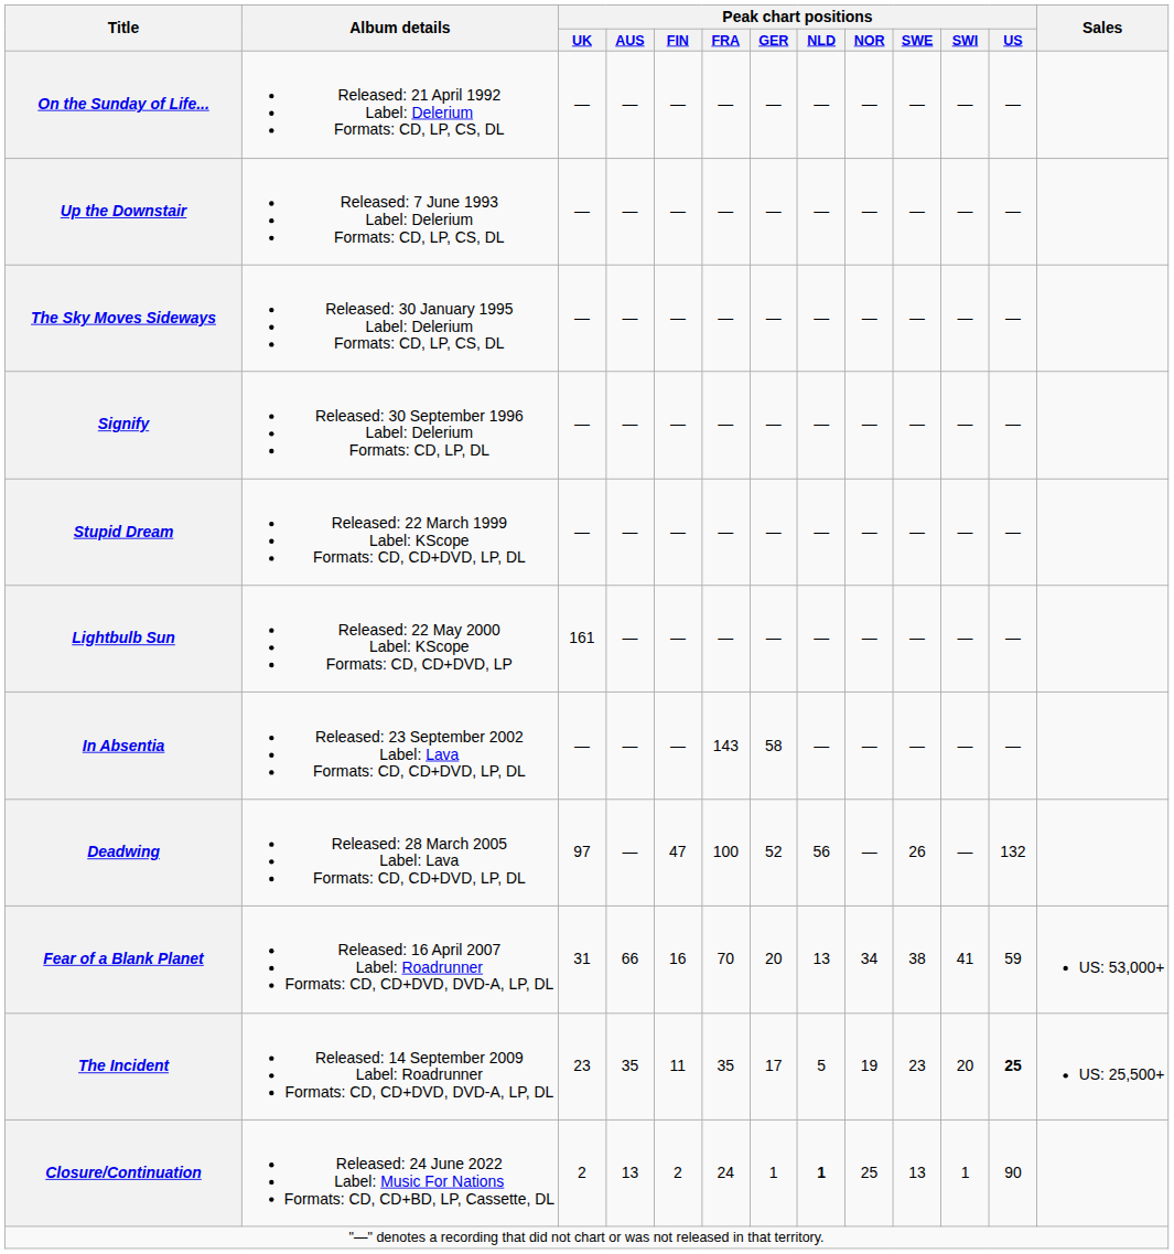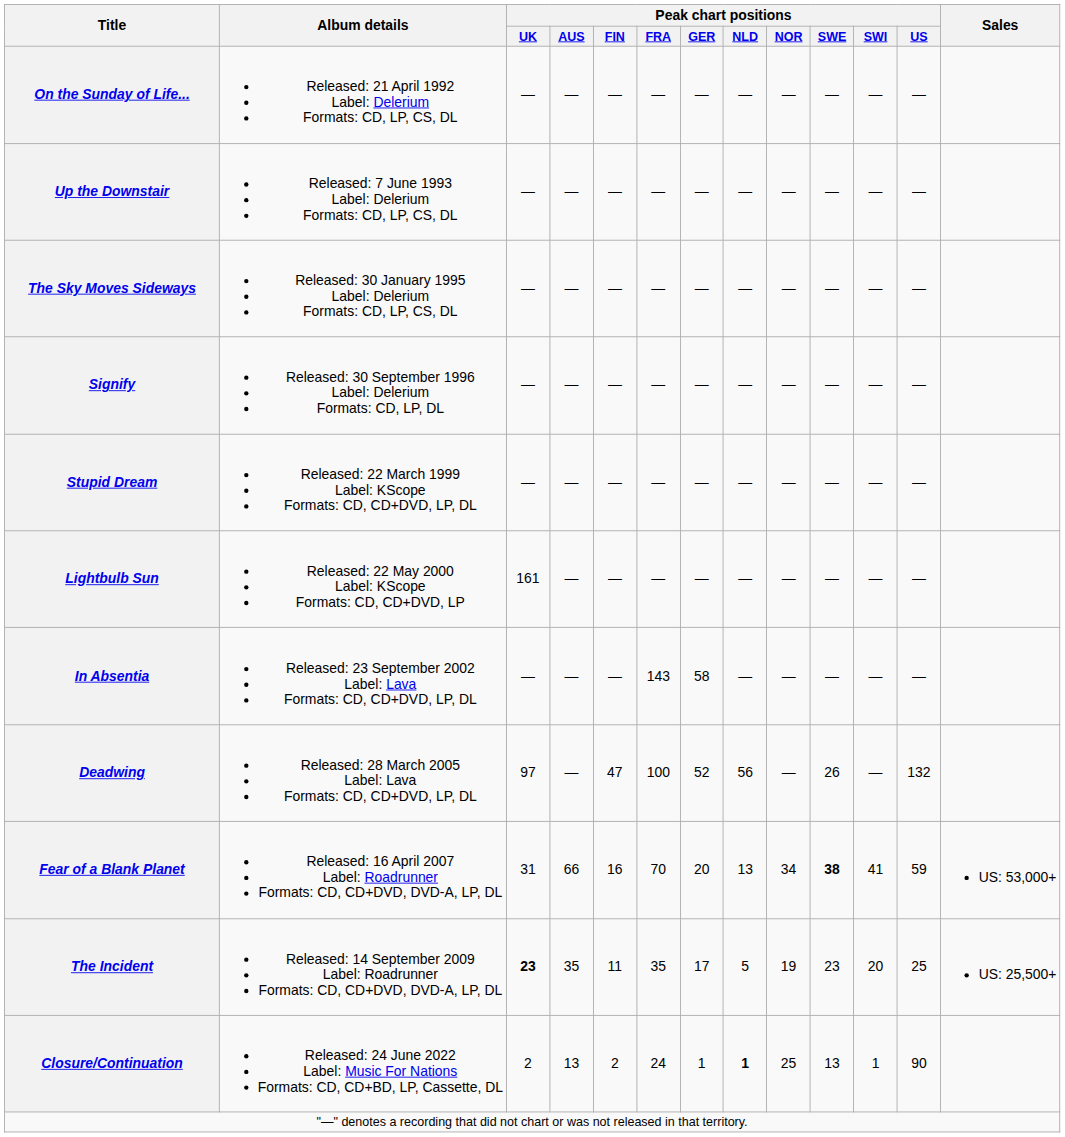 <table class="wikitable plainrowheaders" style="text-align:center;">
 <tr>
 <th scope="col" rowspan="2" style="width:15em;">Title</th>
 <th scope="col" rowspan="2">Album details</th>
 <th scope="col" colspan="10">Peak chart positions</th>
 <th scope="col" rowspan="2">Sales</th>
 </tr>
 <tr>
 <th scope="col" style="width:3em;font-size:90%;"><a href='#'>UK</a><br></th>
 <th scope="col" style="width:3em;font-size:90%;"><a href='#'>AUS</a><br></th>
 <th scope="col" style="width:3em;font-size:90%;"><a href='#'>FIN</a><br></th>
 <th scope="col" style="width:3em;font-size:90%;"><a href='#'>FRA</a><br></th>
 <th scope="col" style="width:3em;font-size:90%;"><a href='#'>GER</a><br></th>
 <th scope="col" style="width:3em;font-size:90%;"><a href='#'>NLD</a><br></th>
 <th scope="col" style="width:3em;font-size:90%;"><a href='#'>NOR</a><br></th>
 <th scope="col" style="width:3em;font-size:90%;"><a href='#'>SWE</a><br></th>
 <th scope="col" style="width:3em;font-size:90%;"><a href='#'>SWI</a><br></th>
 <th scope="col" style="width:3em;font-size:90%;"><a href='#'>US</a><br></th>
 </tr>
 <tr>
 <th scope="row"><em><a href='#'>On the Sunday of Life...</a></em></th>
 <td><br><ul><li>Released: 21 April 1992</li><li>Label: <a href='#'>Delerium</a></li><li>Formats: CD, LP, CS, DL</li></ul></td>
 <td>—</td>
 <td>—</td>
 <td>—</td>
 <td>—</td>
 <td>—</td>
 <td>—</td>
 <td>—</td>
 <td>—</td>
 <td>—</td>
 <td>—</td>
 <td></td>
 </tr>
 <tr>
 <th scope="row"><em><a href='#'>Up the Downstair</a></em></th>
 <td><br><ul><li>Released: 7 June 1993</li><li>Label: Delerium</li><li>Formats: CD, LP, CS, DL</li></ul></td>
 <td>—</td>
 <td>—</td>
 <td>—</td>
 <td>—</td>
 <td>—</td>
 <td>—</td>
 <td>—</td>
 <td>—</td>
 <td>—</td>
 <td>—</td>
 <td></td>
 </tr>
 <tr>
 <th scope="row"><em><a href='#'>The Sky Moves Sideways</a></em></th>
 <td><br><ul><li>Released: 30 January 1995</li><li>Label: Delerium</li><li>Formats: CD, LP, CS, DL</li></ul></td>
 <td>—</td>
 <td>—</td>
 <td>—</td>
 <td>—</td>
 <td>—</td>
 <td>—</td>
 <td>—</td>
 <td>—</td>
 <td>—</td>
 <td>—</td>
 <td></td>
 </tr>
 <tr>
 <th scope="row"><em><a href='#'>Signify</a></em></th>
 <td><br><ul><li>Released: 30 September 1996</li><li>Label: Delerium</li><li>Formats: CD, LP, DL</li></ul></td>
 <td>—</td>
 <td>—</td>
 <td>—</td>
 <td>—</td>
 <td>—</td>
 <td>—</td>
 <td>—</td>
 <td>—</td>
 <td>—</td>
 <td>—</td>
 <td></td>
 </tr>
 <tr>
 <th scope="row"><em><a href='#'>Stupid Dream</a></em></th>
 <td><br><ul><li>Released: 22 March 1999</li><li>Label: KScope</li><li>Formats: CD, CD+DVD, LP, DL</li></ul></td>
 <td>—</td>
 <td>—</td>
 <td>—</td>
 <td>—</td>
 <td>—</td>
 <td>—</td>
 <td>—</td>
 <td>—</td>
 <td>—</td>
 <td>—</td>
 <td></td>
 </tr>
 <tr>
 <th scope="row"><em><a href='#'>Lightbulb Sun</a></em></th>
 <td><br><ul><li>Released: 22 May 2000</li><li>Label: KScope</li><li>Formats: CD, CD+DVD, LP</li></ul></td>
 <td>161</td>
 <td>—</td>
 <td>—</td>
 <td>—</td>
 <td>—</td>
 <td>—</td>
 <td>—</td>
 <td>—</td>
 <td>—</td>
 <td>—</td>
 <td></td>
 </tr>
 <tr>
 <th scope="row"><em><a href='#'>In Absentia</a></em></th>
 <td><br><ul><li>Released: 23 September 2002</li><li>Label: <a href='#'>Lava</a></li><li>Formats: CD, CD+DVD, LP, DL</li></ul></td>
 <td>—</td>
 <td>—</td>
 <td>—</td>
 <td>143</td>
 <td>58</td>
 <td>—</td>
 <td>—</td>
 <td>—</td>
 <td>—</td>
 <td>—</td>
 <td></td>
 </tr>
 <tr>
 <th scope="row"><em><a href='#'>Deadwing</a></em></th>
 <td><br><ul><li>Released: 28 March 2005</li><li>Label: Lava</li><li>Formats: CD, CD+DVD, LP, DL</li></ul></td>
 <td>97</td>
 <td>—</td>
 <td>47</td>
 <td>100</td>
 <td>52</td>
 <td>56</td>
 <td>—</td>
 <td>26</td>
 <td>—</td>
 <td>132</td>
 <td></td>
 </tr>
 <tr>
 <th scope="row"><em><a href='#'>Fear of a Blank Planet</a></em></th>
 <td><br><ul><li>Released: 16 April 2007</li><li>Label: <a href='#'>Roadrunner</a></li><li>Formats: CD, CD+DVD, DVD-A, LP, DL</li></ul></td>
 <td>31</td>
 <td>66</td>
 <td>16</td>
 <td>70</td>
 <td>20</td>
 <td>13</td>
 <td>34</td>
-<td>38</td>
+<td><strong>38</strong></td>
 <td>41</td>
 <td>59</td>
 <td><br><ul><li>US: 53,000+</li></ul></td>
 </tr>
 <tr>
 <th scope="row"><em><a href='#'>The Incident</a></em></th>
 <td><br><ul><li>Released: 14 September 2009</li><li>Label: Roadrunner</li><li>Formats: CD, CD+DVD, DVD-A, LP, DL</li></ul></td>
-<td>23</td>
+<td><strong>23</strong></td>
 <td>35</td>
 <td>11</td>
 <td>35</td>
 <td>17</td>
 <td>5</td>
 <td>19</td>
 <td>23</td>
 <td>20</td>
-<td><strong>25</strong></td>
+<td>25</td>
 <td><br><ul><li>US: 25,500+</li></ul></td>
 </tr>
 <tr>
 <th scope="row"><em><a href='#'>Closure/Continuation</a></em></th>
 <td><br><ul><li>Released: 24 June 2022</li><li>Label: <a href='#'>Music For Nations</a></li><li>Formats: CD, CD+BD, LP, Cassette, DL</li></ul></td>
 <td>2</td>
 <td>13</td>
 <td>2</td>
 <td>24</td>
 <td>1</td>
 <td><strong>1</strong></td>
 <td>25</td>
 <td>13</td>
 <td>1</td>
 <td>90</td>
 <td></td>
 </tr>
 <tr>
 <td colspan="14" style="font-size:90%">"—" denotes a recording that did not chart or was not released in that territory.</td>
 </tr>
 </table>
